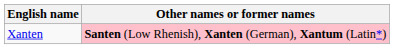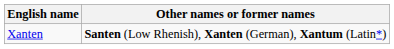 <table class="wikitable">
 <tr>
 <th>English name</th>
 <th>Other names or former names</th>
 </tr>
 <tr>
 <td> <a href='#'>Xanten</a></td>
-<td style="background: pink;"><strong>Santen</strong> (Low Rhenish), <strong>Xanten</strong> (German), <strong>Xantum</strong> (Latin<a href='#'>*</a>)</td>
+<td><strong>Santen</strong> (Low Rhenish), <strong>Xanten</strong> (German), <strong>Xantum</strong> (Latin<a href='#'>*</a>)</td>
 </tr>
 </table>
